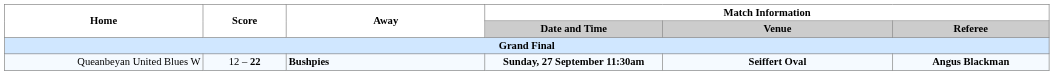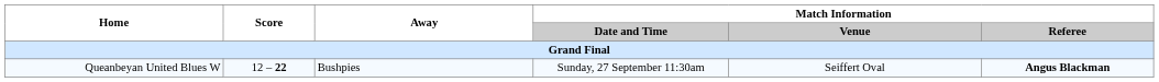 <table width="100%" cellspacing="0" cellpadding="3" border="1" style="border-collapse:collapse;  text-align:center;">
 <tr>
 <th rowspan="2" width="19%">Home</th>
 <th rowspan="2" width="8%">Score</th>
 <th rowspan="2" width="19%">Away</th>
 <th colspan="3">Match Information</th>
 </tr>
 <tr bgcolor="#CCCCCC">
 <th width="17%">Date and Time</th>
 <th width="22%">Venue</th>
 <th width="50%">Referee</th>
 </tr>
 <tr style="background:#d0e7ff;">
 <td colspan="6"><strong>Grand Final</strong></td>
 </tr>
 <tr style="text-align:center; background:#f5faff;">
 <td align="right">Queanbeyan United Blues W </td>
 <td>12 – <strong>22</strong></td>
-<td align="left"><strong> Bushpies</strong></td>
-<td><strong>Sunday, 27 September 11:30am</strong></td>
-<td><strong>Seiffert Oval</strong></td>
+<td align="left"> Bushpies</td>
+<td>Sunday, 27 September 11:30am</td>
+<td>Seiffert Oval</td>
 <td><strong>Angus Blackman</strong></td>
 </tr>
 </table>
